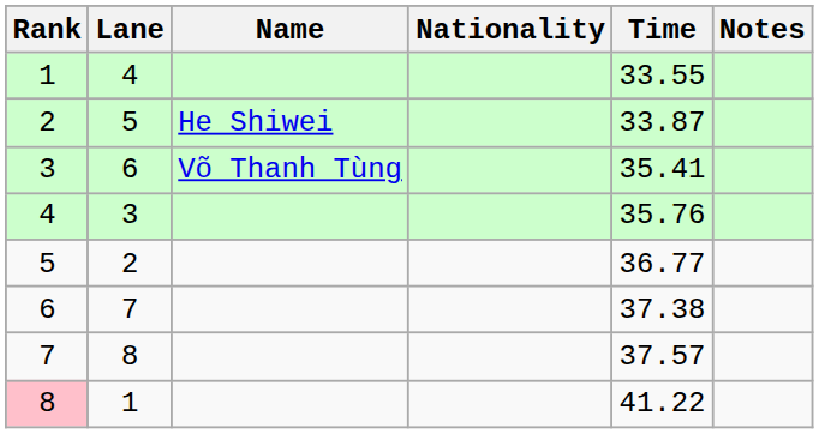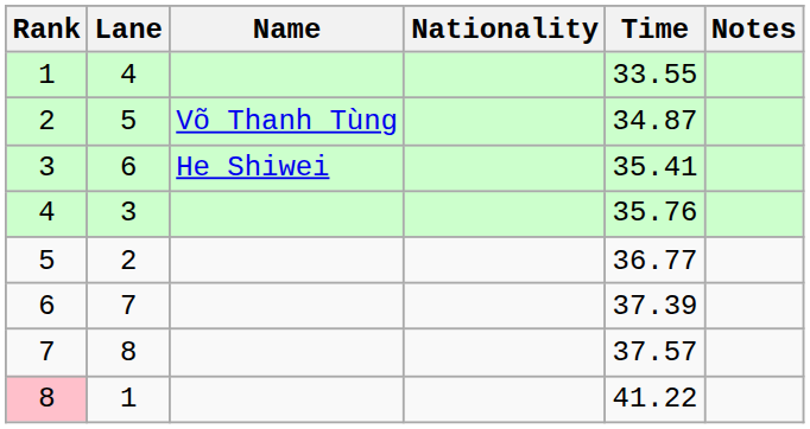 <table class="wikitable sortable" style="text-align:center">
 <tr>
 <th>Rank</th>
 <th>Lane</th>
 <th>Name</th>
 <th>Nationality</th>
 <th>Time</th>
 <th>Notes</th>
 </tr>
 <tr bgcolor=ccffcc>
 <td>1</td>
 <td>4</td>
 <td align=left></td>
 <td align=left></td>
 <td>33.55</td>
 <td><strong></strong></td>
 </tr>
 <tr bgcolor=ccffcc>
 <td>2</td>
 <td>5</td>
-<td align=left><a href='#'>He Shiwei</a></td>
+<td align=left><a href='#'>Võ Thanh Tùng</a></td>
 <td align=left></td>
-<td>33.87</td>
+<td>34.87</td>
 <td><strong></strong></td>
 </tr>
 <tr bgcolor=ccffcc>
 <td>3</td>
 <td>6</td>
-<td align=left><a href='#'>Võ Thanh Tùng</a></td>
+<td align=left><a href='#'>He Shiwei</a></td>
 <td align=left></td>
 <td>35.41</td>
 <td><strong></strong></td>
 </tr>
 <tr bgcolor=ccffcc>
 <td>4</td>
 <td>3</td>
 <td align=left></td>
 <td align=left></td>
 <td>35.76</td>
 <td><strong></strong></td>
 </tr>
 <tr>
 <td>5</td>
 <td>2</td>
 <td align=left></td>
 <td align=left></td>
 <td>36.77</td>
 <td></td>
 </tr>
 <tr>
 <td>6</td>
 <td>7</td>
 <td align=left></td>
 <td align=left></td>
-<td>37.38</td>
+<td>37.39</td>
 <td></td>
 </tr>
 <tr>
 <td>7</td>
 <td>8</td>
 <td align=left></td>
 <td align=left></td>
 <td>37.57</td>
 <td></td>
 </tr>
 <tr>
 <td style="background: pink;">8</td>
 <td>1</td>
 <td align=left></td>
 <td align=left></td>
 <td>41.22</td>
 <td></td>
 </tr>
 </table>
